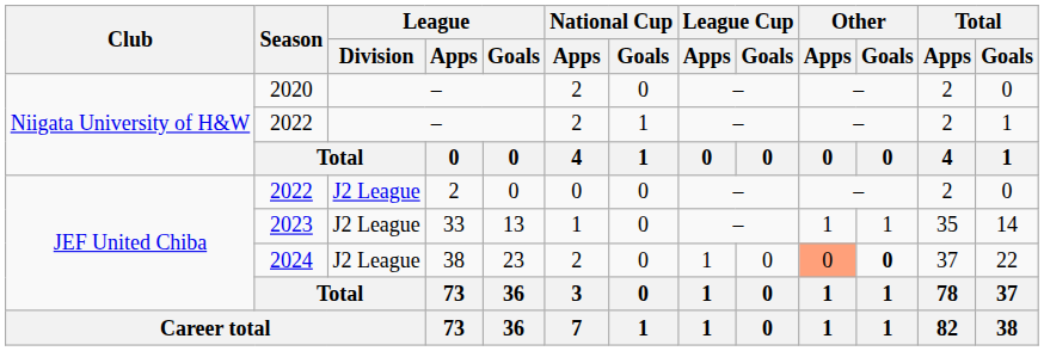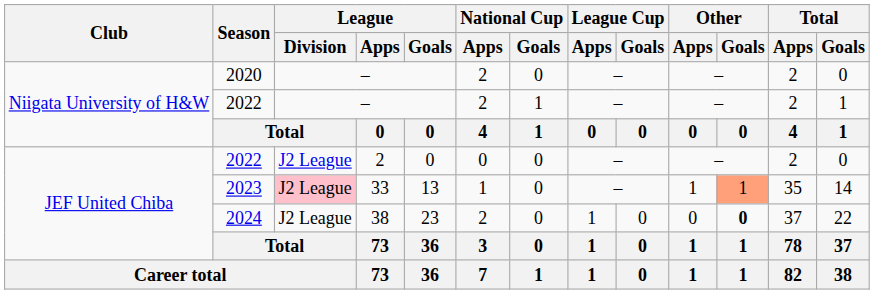 <table class="wikitable" style="text-align:center">
 <tr>
 <th rowspan=2>Club</th>
 <th rowspan=2>Season</th>
 <th colspan=3>League</th>
 <th colspan=2>National Cup</th>
 <th colspan=2>League Cup</th>
 <th colspan=2>Other</th>
 <th colspan=2>Total</th>
 </tr>
 <tr>
 <th>Division</th>
 <th>Apps</th>
 <th>Goals</th>
 <th>Apps</th>
 <th>Goals</th>
 <th>Apps</th>
 <th>Goals</th>
 <th>Apps</th>
 <th>Goals</th>
 <th>Apps</th>
 <th>Goals</th>
 </tr>
 <tr>
 <td rowspan="3"><a href='#'>Niigata University of H&W</a></td>
 <td>2020</td>
 <td colspan="3">–</td>
 <td>2</td>
 <td>0</td>
 <td colspan="2">–</td>
 <td colspan="2">–</td>
 <td>2</td>
 <td>0</td>
 </tr>
 <tr>
 <td>2022</td>
 <td colspan="3">–</td>
 <td>2</td>
 <td>1</td>
 <td colspan="2">–</td>
 <td colspan="2">–</td>
 <td>2</td>
 <td>1</td>
 </tr>
 <tr>
 <th colspan="2">Total</th>
 <th>0</th>
 <th>0</th>
 <th>4</th>
 <th>1</th>
 <th>0</th>
 <th>0</th>
 <th>0</th>
 <th>0</th>
 <th>4</th>
 <th>1</th>
 </tr>
 <tr>
 <td rowspan="4"><a href='#'>JEF United Chiba</a></td>
 <td><a href='#'>2022</a></td>
 <td><a href='#'>J2 League</a></td>
 <td>2</td>
 <td>0</td>
 <td>0</td>
 <td>0</td>
 <td colspan="2">–</td>
 <td colspan="2">–</td>
 <td>2</td>
 <td>0</td>
 </tr>
 <tr>
 <td><a href='#'>2023</a></td>
-<td>J2 League</td>
+<td style="background: pink;">J2 League</td>
 <td>33</td>
 <td>13</td>
 <td>1</td>
 <td>0</td>
 <td colspan="2">–</td>
 <td>1</td>
-<td>1</td>
+<td style="background: lightsalmon;">1</td>
 <td>35</td>
 <td>14</td>
 </tr>
 <tr>
 <td><a href='#'>2024</a></td>
 <td>J2 League</td>
 <td>38</td>
 <td>23</td>
 <td>2</td>
 <td>0</td>
 <td>1</td>
 <td>0</td>
-<td style="background: lightsalmon;">0</td>
+<td>0</td>
 <td><strong>0</strong></td>
 <td>37</td>
 <td>22</td>
 </tr>
 <tr>
 <th colspan="2">Total</th>
 <th>73</th>
 <th>36</th>
 <th>3</th>
 <th>0</th>
 <th>1</th>
 <th>0</th>
 <th>1</th>
 <th>1</th>
 <th>78</th>
 <th>37</th>
 </tr>
 <tr>
 <th colspan=3>Career total</th>
 <th>73</th>
 <th>36</th>
 <th>7</th>
 <th>1</th>
 <th>1</th>
 <th>0</th>
 <th>1</th>
 <th>1</th>
 <th>82</th>
 <th>38</th>
 </tr>
 </table>
